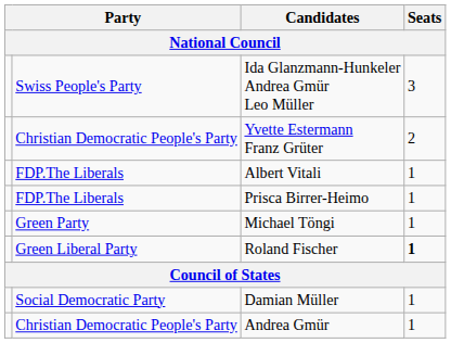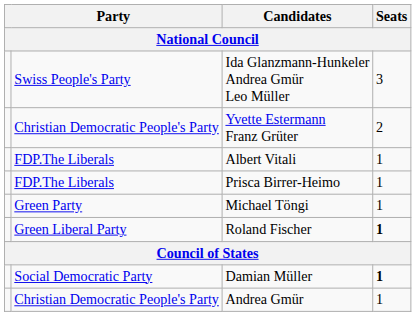 <table class="wikitable" style="font-size:95%;">
 <tr>
 <th colspan=2>Party</th>
 <th>Candidates</th>
 <th>Seats</th>
 </tr>
 <tr>
 <th colspan=6><a href='#'>National Council</a></th>
 </tr>
 <tr>
 <td bgcolor=></td>
 <td align=left><a href='#'>Swiss People's Party</a></td>
 <td>Ida Glanzmann-Hunkeler<br>Andrea Gmür<br>Leo Müller</td>
 <td>3</td>
 </tr>
 <tr>
 <td bgcolor=></td>
 <td align=left><a href='#'>Christian Democratic People's Party</a></td>
 <td><a href='#'>Yvette Estermann</a><br>Franz Grüter</td>
 <td>2</td>
 </tr>
 <tr>
 <td bgcolor=></td>
 <td align=left><a href='#'>FDP.The Liberals</a></td>
 <td>Albert Vitali</td>
 <td>1</td>
 </tr>
 <tr>
 <td bgcolor=></td>
 <td align=left><a href='#'>FDP.The Liberals</a></td>
 <td>Prisca Birrer-Heimo</td>
 <td>1</td>
 </tr>
 <tr>
 <td bgcolor=></td>
 <td align=left><a href='#'>Green Party</a></td>
 <td>Michael Töngi</td>
 <td>1</td>
 </tr>
 <tr>
 <td bgcolor=></td>
 <td align=left><a href='#'>Green Liberal Party</a></td>
 <td>Roland Fischer</td>
 <td><strong>1</strong></td>
 </tr>
 <tr>
 <th colspan=6><a href='#'>Council of States</a></th>
 </tr>
 <tr>
 <td bgcolor=></td>
 <td align=left><a href='#'>Social Democratic Party</a></td>
 <td>Damian Müller</td>
-<td>1</td>
+<td><strong>1</strong></td>
 </tr>
 <tr>
 <td bgcolor=></td>
 <td align=left><a href='#'>Christian Democratic People's Party</a></td>
 <td>Andrea Gmür</td>
 <td>1</td>
 </tr>
 </table>
